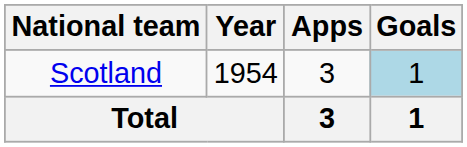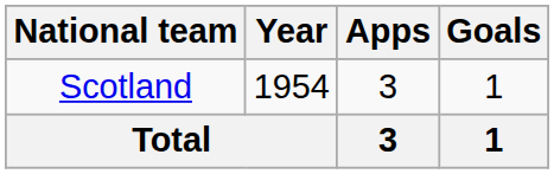 <table class="wikitable" style="text-align:center">
 <tr>
 <th>National team</th>
 <th>Year</th>
 <th>Apps</th>
 <th>Goals</th>
 </tr>
 <tr>
 <td><a href='#'>Scotland</a></td>
 <td>1954</td>
 <td>3</td>
-<td style="background: lightblue;">1</td>
+<td>1</td>
 </tr>
 <tr>
 <th colspan="2">Total</th>
 <th>3</th>
 <th>1</th>
 </tr>
 </table>
